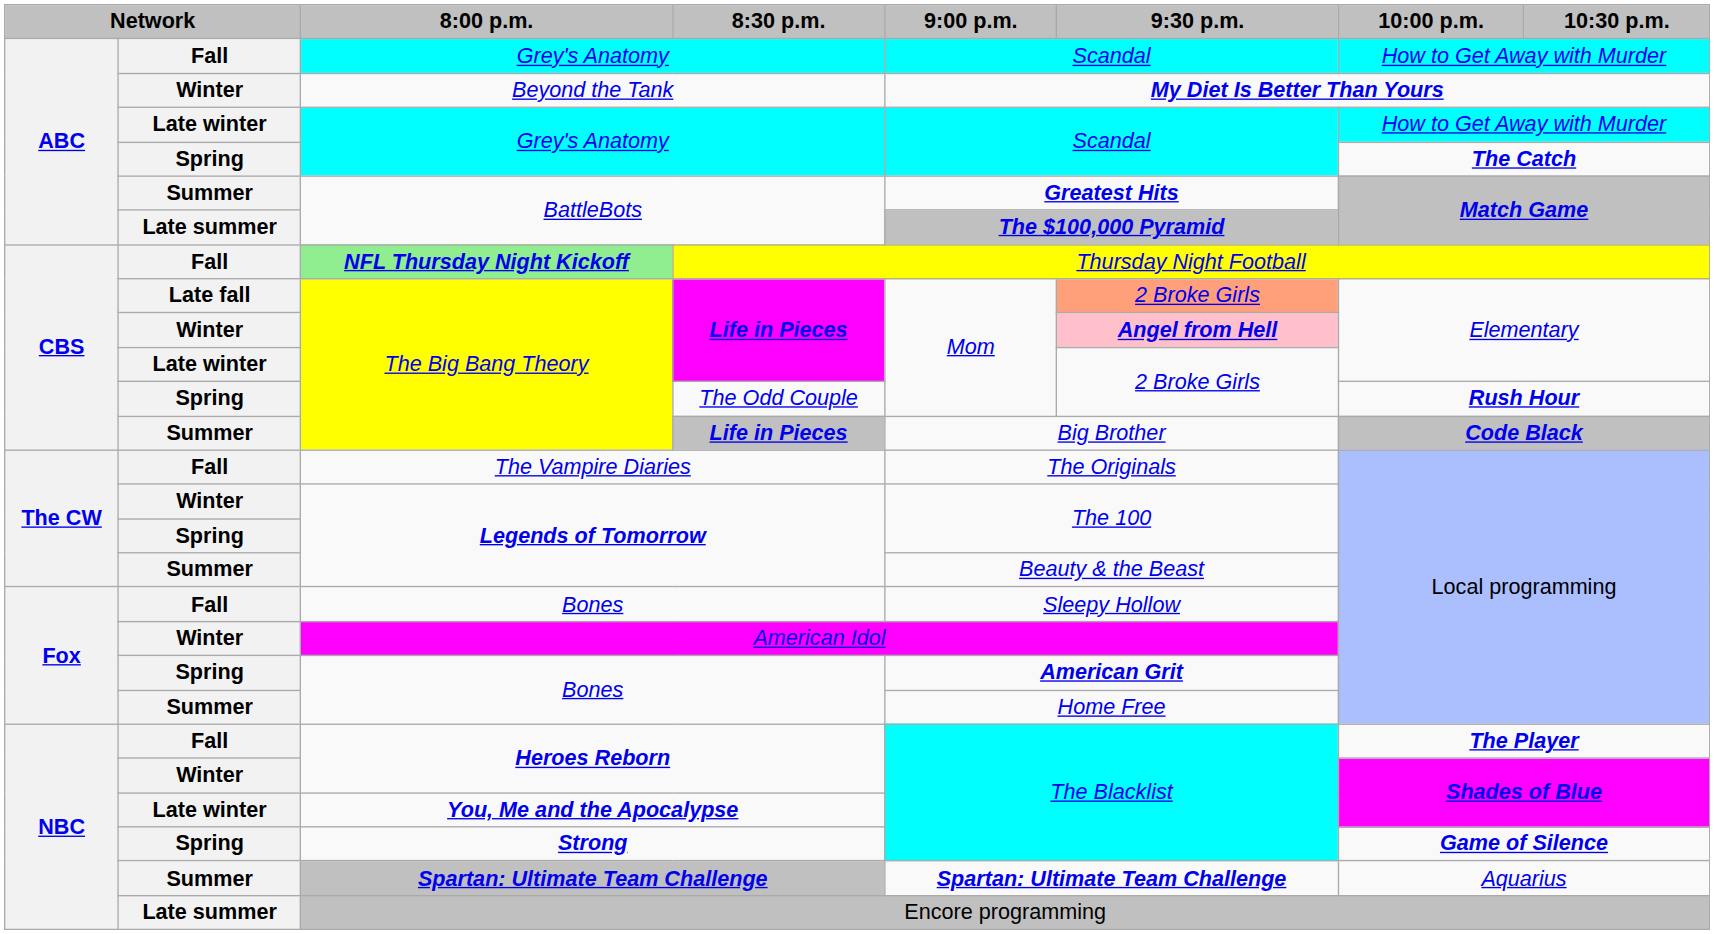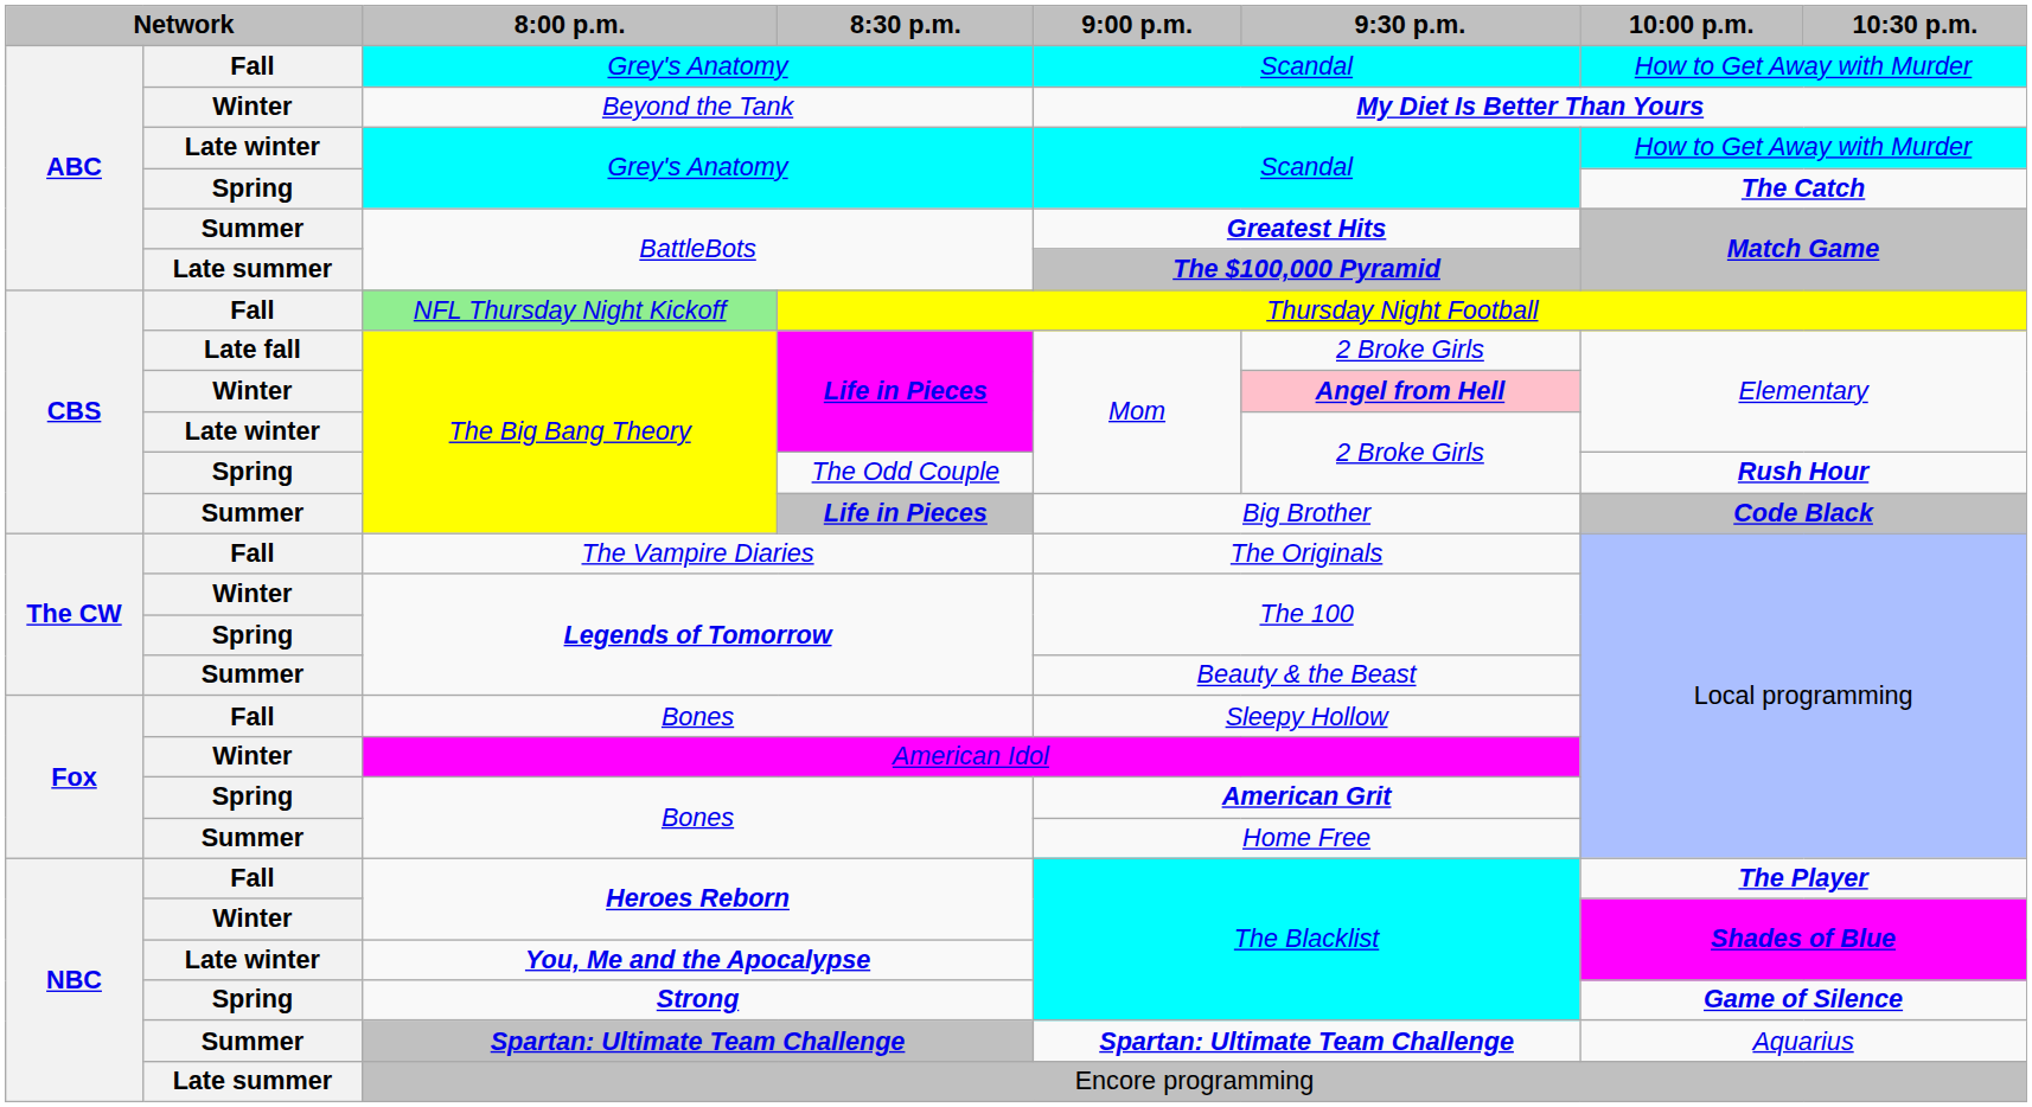 <table class="wikitable" style="width:100%;margin-right:0;text-align:center">
 <tr>
 <th colspan="2" style="background-color:#C0C0C0;text-align:center">Network</th>
 <th style="background-color:#C0C0C0;text-align:center">8:00 p.m.</th>
 <th style="background-color:#C0C0C0;text-align:center">8:30 p.m.</th>
 <th style="background-color:#C0C0C0;text-align:center">9:00 p.m.</th>
 <th style="background-color:#C0C0C0;text-align:center">9:30 p.m.</th>
 <th style="background-color:#C0C0C0;text-align:center">10:00 p.m.</th>
 <th style="background-color:#C0C0C0;text-align:center">10:30 p.m.</th>
 </tr>
 <tr>
 <th rowspan="6"><a href='#'>ABC</a></th>
 <th>Fall</th>
 <td colspan="2" style="background:#00FFFF;"><em><a href='#'>Grey's Anatomy</a></em> </td>
 <td colspan="2" style="background:#00FFFF;"><em><a href='#'>Scandal</a></em> </td>
 <td colspan="2" style="background:#00FFFF;"><em><a href='#'>How to Get Away with Murder</a></em> </td>
 </tr>
 <tr>
 <th>Winter</th>
 <td colspan="2"><em><a href='#'>Beyond the Tank</a></em></td>
 <td colspan="4"><strong><em><a href='#'>My Diet Is Better Than Yours</a></em></strong></td>
 </tr>
 <tr>
 <th>Late winter</th>
 <td colspan="2" rowspan="2" style="background:#00FFFF;"><em><a href='#'>Grey's Anatomy</a></em> </td>
 <td colspan="2" rowspan="2" style="background:#00FFFF;"><em><a href='#'>Scandal</a></em> </td>
 <td colspan="2" style="background:#00FFFF;"><em><a href='#'>How to Get Away with Murder</a></em> </td>
 </tr>
 <tr>
 <th>Spring</th>
 <td colspan="2"><strong><em><a href='#'>The Catch</a></em></strong></td>
 </tr>
 <tr>
 <th>Summer</th>
 <td colspan="2" rowspan="2"><em><a href='#'>BattleBots</a></em></td>
 <td colspan="2"><strong><em><a href='#'>Greatest Hits</a></em></strong></td>
 <td style="background:#C0C0C0;" rowspan="2" colspan="2"><strong><em><a href='#'>Match Game</a></em></strong> </td>
 </tr>
 <tr>
 <th>Late summer</th>
 <td style="background:#C0C0C0;" colspan="2"><strong><em><a href='#'>The $100,000 Pyramid</a></em></strong> </td>
 </tr>
 <tr>
 <th rowspan="6"><a href='#'>CBS</a></th>
 <th>Fall</th>
-<td style="background:lightgreen"><strong><em><a href='#'>NFL Thursday Night Kickoff</a></em></strong></td>
+<td style="background:lightgreen"><em><a href='#'>NFL Thursday Night Kickoff</a></em></td>
 <td colspan="5" style="background:#FFFF00"><em><a href='#'>Thursday Night Football</a></em>  </td>
 </tr>
 <tr>
 <th>Late fall</th>
 <td rowspan="5" style="background:#FFFF00;"><em><a href='#'>The Big Bang Theory</a></em> </td>
 <td rowspan="3" style="background:#FF00FF;"><strong><em><a href='#'>Life in Pieces</a></em></strong> </td>
 <td rowspan="4"><em><a href='#'>Mom</a></em></td>
-<td style="background: lightsalmon;"><em><a href='#'>2 Broke Girls</a></em></td>
+<td><em><a href='#'>2 Broke Girls</a></em></td>
 <td rowspan="3" colspan="2"><em><a href='#'>Elementary</a></em></td>
 </tr>
 <tr>
 <th>Winter</th>
 <td style="background: pink;"><strong><em><a href='#'>Angel from Hell</a></em></strong></td>
 </tr>
 <tr>
 <th>Late winter</th>
 <td rowspan="2"><em><a href='#'>2 Broke Girls</a></em></td>
 </tr>
 <tr>
 <th>Spring</th>
 <td><em><a href='#'>The Odd Couple</a></em></td>
 <td colspan="2"><strong><em><a href='#'>Rush Hour</a></em></strong></td>
 </tr>
 <tr>
 <th>Summer</th>
 <td style="background:#C0C0C0;"><strong><em><a href='#'>Life in Pieces</a></em></strong> </td>
 <td colspan="2"><em><a href='#'>Big Brother</a></em></td>
 <td style="background:#C0C0C0;" colspan="2"><strong><em><a href='#'>Code Black</a></em></strong> </td>
 </tr>
 <tr>
 <th rowspan="4"><a href='#'>The CW</a></th>
 <th>Fall</th>
 <td colspan="2"><em><a href='#'>The Vampire Diaries</a></em></td>
 <td colspan="2"><em><a href='#'>The Originals</a></em></td>
 <td style="background:#abbfff;" colspan="2" rowspan="8">Local programming</td>
 </tr>
 <tr>
 <th>Winter</th>
 <td colspan="2" rowspan="3"><strong><em><a href='#'>Legends of Tomorrow</a></em></strong></td>
 <td colspan="2" rowspan="2"><em><a href='#'>The 100</a></em></td>
 </tr>
 <tr>
 <th>Spring</th>
 </tr>
 <tr>
 <th>Summer</th>
 <td colspan="2"><em><a href='#'>Beauty & the Beast</a></em></td>
 </tr>
 <tr>
 <th rowspan="4"><a href='#'>Fox</a></th>
 <th>Fall</th>
 <td colspan="2"><em><a href='#'>Bones</a></em></td>
 <td colspan="2"><em><a href='#'>Sleepy Hollow</a></em></td>
 </tr>
 <tr>
 <th>Winter</th>
 <td colspan="4" style="background:#FF00FF;"><em><a href='#'>American Idol</a></em> </td>
 </tr>
 <tr>
 <th>Spring</th>
 <td colspan="2" rowspan="2"><em><a href='#'>Bones</a></em></td>
 <td colspan="2"><strong><em><a href='#'>American Grit</a></em></strong></td>
 </tr>
 <tr>
 <th>Summer</th>
 <td colspan="2"><em><a href='#'>Home Free</a></em></td>
 </tr>
 <tr>
 <th rowspan="6"><a href='#'>NBC</a></th>
 <th>Fall</th>
 <td rowspan="2" colspan="2"><strong><em><a href='#'>Heroes Reborn</a></em></strong></td>
 <td rowspan="4" colspan="2" style="background:#00FFFF;"><em><a href='#'>The Blacklist</a></em> </td>
 <td colspan="2"><strong><em><a href='#'>The Player</a></em></strong></td>
 </tr>
 <tr>
 <th>Winter</th>
 <td rowspan="2" colspan="2" style="background:#FF00FF;"><strong><em><a href='#'>Shades of Blue</a></em></strong> </td>
 </tr>
 <tr>
 <th>Late winter</th>
 <td colspan="2"><strong><em><a href='#'>You, Me and the Apocalypse</a></em></strong></td>
 </tr>
 <tr>
 <th>Spring</th>
 <td colspan="2"><strong><em><a href='#'>Strong</a></em></strong></td>
 <td colspan="2"><strong><em><a href='#'>Game of Silence</a></em></strong></td>
 </tr>
 <tr>
 <th>Summer</th>
 <td style="background:#C0C0C0;" colspan="2"><strong><em><a href='#'>Spartan: Ultimate Team Challenge</a></em></strong> </td>
 <td colspan="2"><strong><em><a href='#'>Spartan: Ultimate Team Challenge</a></em></strong></td>
 <td colspan="2"><em><a href='#'>Aquarius</a></em></td>
 </tr>
 <tr>
 <th>Late summer</th>
 <td style="background:#C0C0C0;" colspan="6">Encore programming</td>
 </tr>
 </table>
